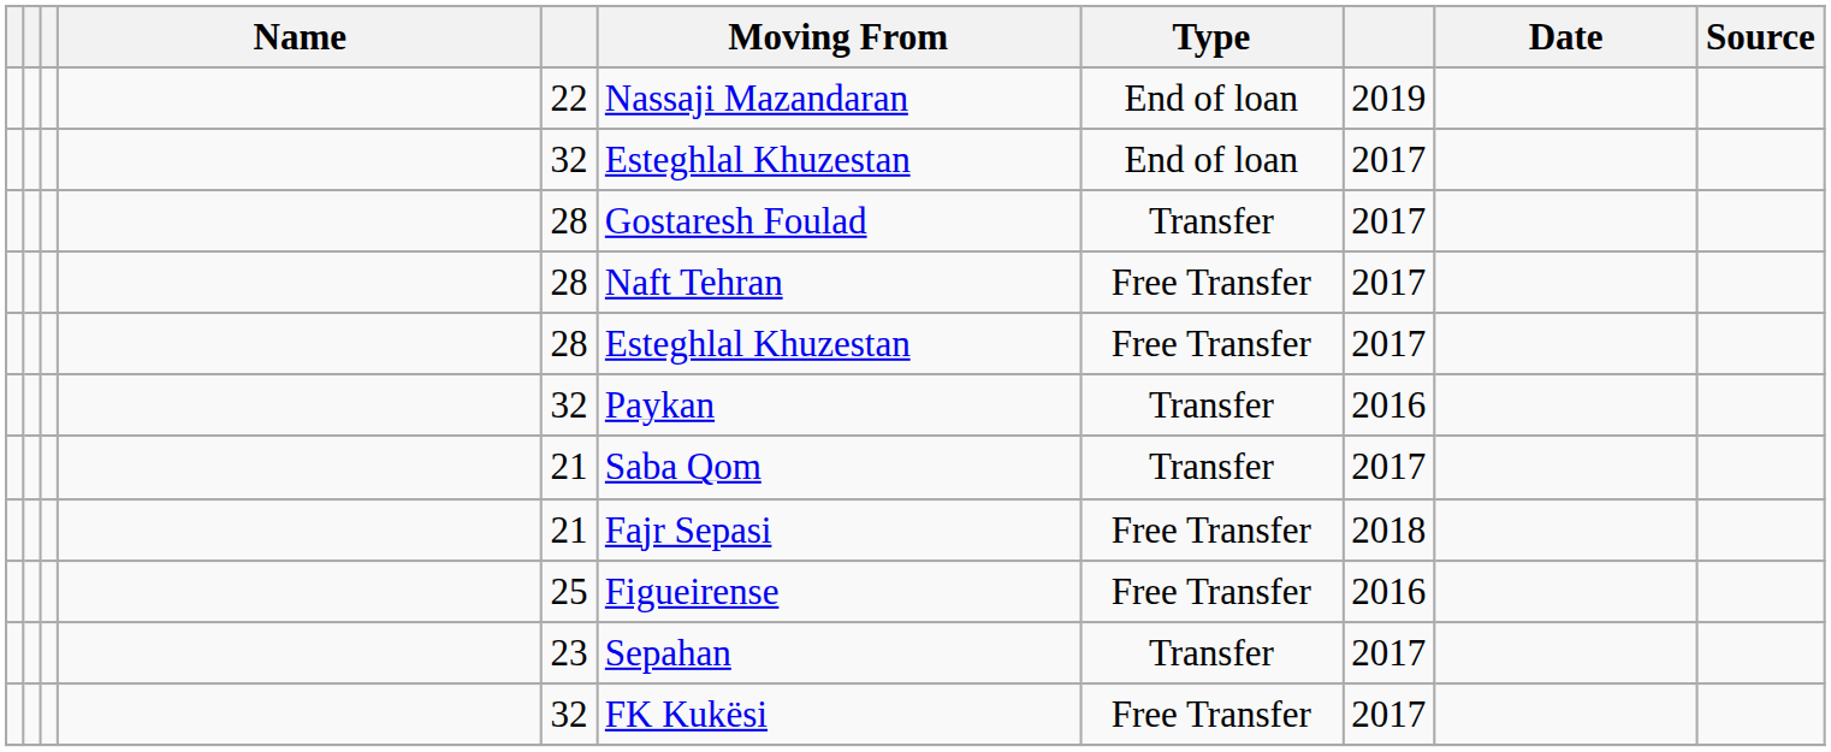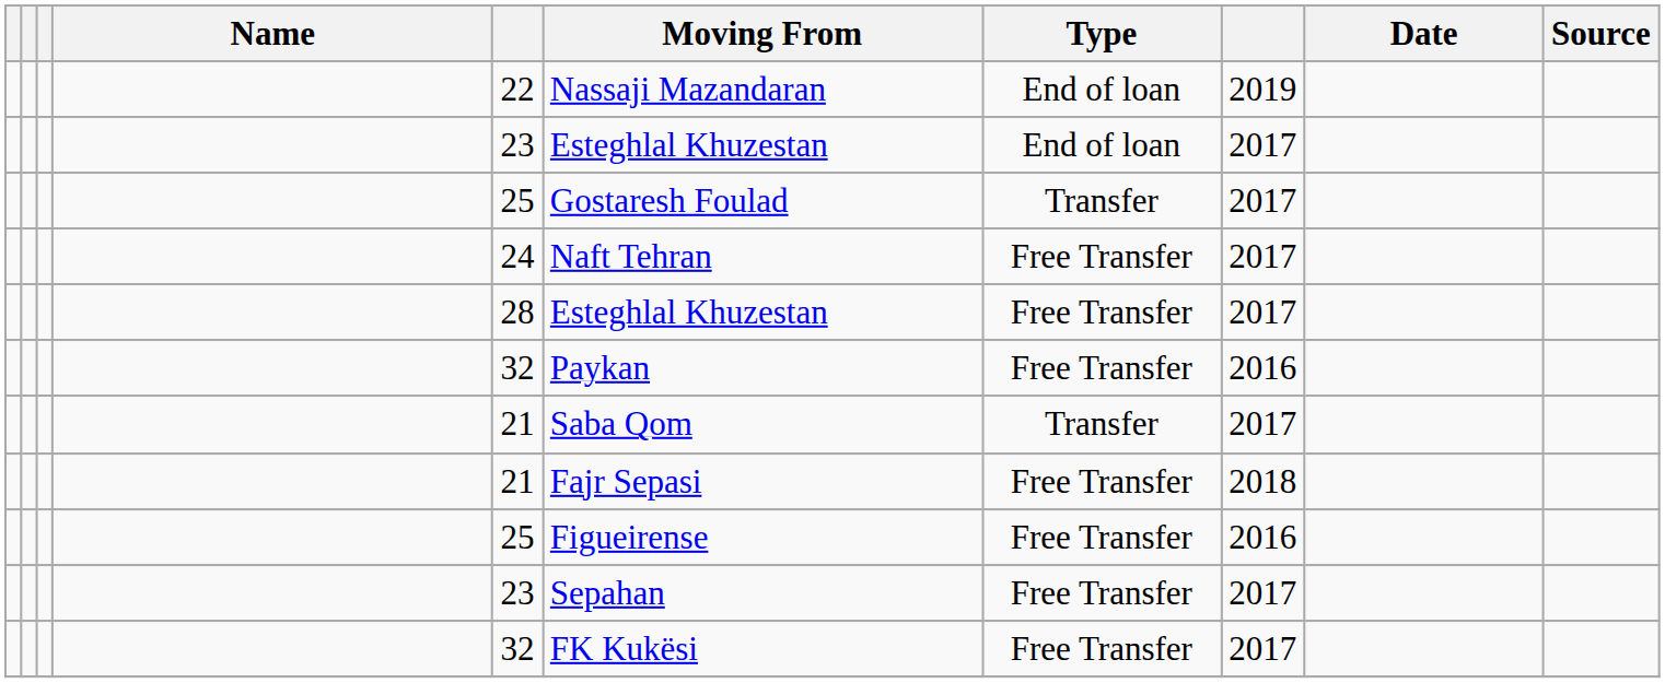 <table class="wikitable plainrowheaders sortable" style="font-size:95%">
 <tr>
 <th></th>
 <th></th>
 <th></th>
 <th scope="col" style="width:190px;">Name</th>
 <th></th>
 <th scope="col" style="width:190px;">Moving From</th>
 <th scope="col" style="width:100px;">Type</th>
 <th></th>
 <th scope="col" style="width:100px;">Date</th>
 <th>Source</th>
 </tr>
 <tr>
 <td align=center></td>
 <td align=center></td>
 <td align=center></td>
 <td></td>
 <td align=center>22</td>
 <td><a href='#'>Nassaji Mazandaran</a></td>
 <td align=center>End of loan</td>
 <td align=center>2019</td>
 <td align=center></td>
 <td align=center></td>
 </tr>
 <tr>
 <td align=center></td>
 <td align=center></td>
 <td align=center></td>
 <td></td>
-<td align=center>32</td>
+<td align=center>23</td>
 <td><a href='#'>Esteghlal Khuzestan</a></td>
 <td align=center>End of loan</td>
 <td align=center>2017</td>
 <td align=center></td>
 <td align=center></td>
 </tr>
 <tr>
 <td align=center></td>
 <td align=center></td>
 <td align=center></td>
 <td></td>
-<td align=center>28</td>
+<td align=center>25</td>
 <td><a href='#'>Gostaresh Foulad</a></td>
 <td align=center>Transfer</td>
 <td align=center>2017</td>
 <td align=center></td>
 <td align=center></td>
 </tr>
 <tr>
 <td align=center></td>
 <td align=center></td>
 <td align=center></td>
 <td></td>
-<td align=center>28</td>
+<td align=center>24</td>
 <td><a href='#'>Naft Tehran</a></td>
 <td align=center>Free Transfer</td>
 <td align=center>2017</td>
 <td align=center></td>
 <td align=center></td>
 </tr>
 <tr>
 <td align=center></td>
 <td align=center></td>
 <td align=center></td>
 <td></td>
 <td align=center>28</td>
 <td><a href='#'>Esteghlal Khuzestan</a></td>
 <td align=center>Free Transfer</td>
 <td align=center>2017</td>
 <td align=center></td>
 <td align=center></td>
 </tr>
 <tr>
 <td align=center></td>
 <td align=center></td>
 <td align=center></td>
 <td></td>
 <td align=center>32</td>
 <td><a href='#'>Paykan</a></td>
-<td align=center>Transfer</td>
+<td align=center>Free Transfer</td>
 <td align=center>2016</td>
 <td align=center></td>
 <td align=center></td>
 </tr>
 <tr>
 <td align=center></td>
 <td align=center></td>
 <td align=center></td>
 <td></td>
 <td align=center>21</td>
 <td><a href='#'>Saba Qom</a></td>
 <td align=center>Transfer</td>
 <td align=center>2017</td>
 <td align=center></td>
 <td align=center></td>
 </tr>
 <tr>
 <td align=center></td>
 <td align=center></td>
 <td align=center></td>
 <td></td>
 <td align=center>21</td>
 <td><a href='#'>Fajr Sepasi</a></td>
 <td align=center>Free Transfer</td>
 <td align=center>2018</td>
 <td align=center></td>
 <td align=center></td>
 </tr>
 <tr>
 <td align=center></td>
 <td align=center></td>
 <td align=center></td>
 <td></td>
 <td align=center>25</td>
 <td> <a href='#'>Figueirense</a></td>
 <td align=center>Free Transfer</td>
 <td align=center>2016</td>
 <td align=center></td>
 <td align=center></td>
 </tr>
 <tr>
 <td align=center></td>
 <td align=center></td>
 <td align=center></td>
 <td></td>
 <td align=center>23</td>
 <td><a href='#'>Sepahan</a></td>
-<td align=center>Transfer</td>
+<td align=center>Free Transfer</td>
 <td align=center>2017</td>
 <td align=center></td>
 <td align=center></td>
 </tr>
 <tr>
 <td align=center></td>
 <td align=center></td>
 <td align=center></td>
 <td></td>
 <td align=center>32</td>
 <td> <a href='#'>FK Kukësi</a></td>
 <td align=center>Free Transfer</td>
 <td align=center>2017</td>
 <td align=center></td>
 <td align=center></td>
 </tr>
 <tr>
 </tr>
 </table>
